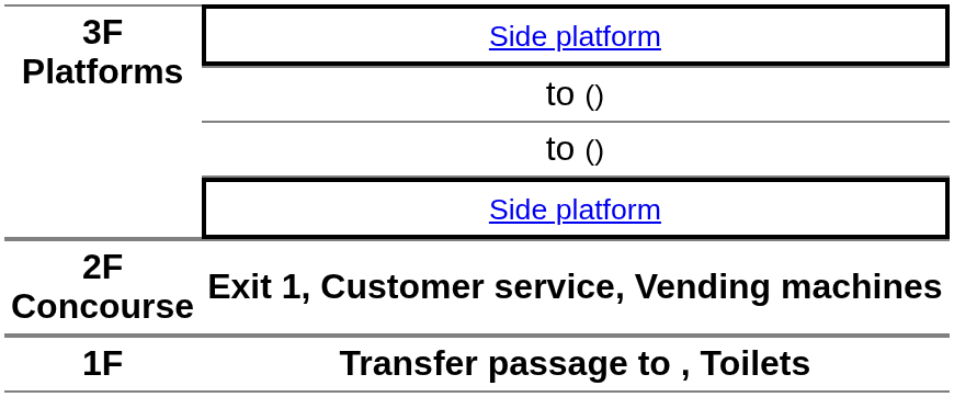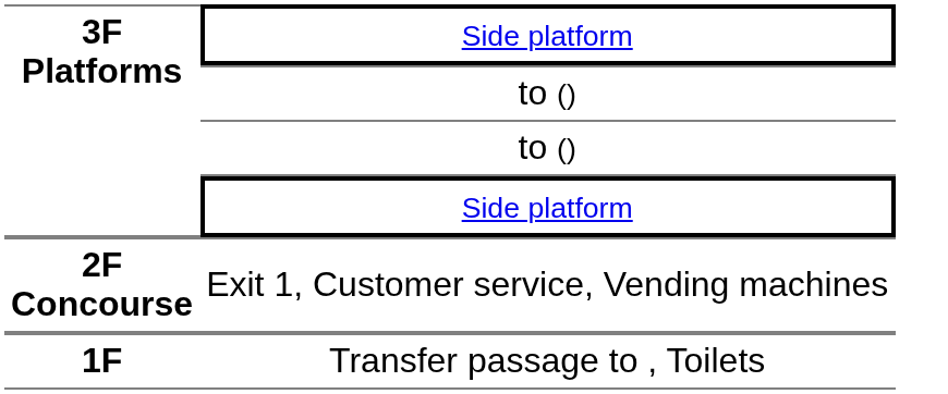 <table table border=0 cellspacing=0 cellpadding=3>
 <tr>
 <td style="border-bottom:solid 1px gray; border-top:solid 1px gray;text-align:center" rowspan="4" valign=top><strong>3F<br>Platforms</strong></td>
 <td style="border-right:solid 2px black;border-left:solid 2px black;border-top:solid 2px black;border-bottom:solid 2px black;text-align:center;" colspan=2><small><a href='#'>Side platform</a></small></td>
 </tr>
 <tr>
 <td style="border-bottom:solid 1px gray; border-top:solid 1px gray;text-align:center;">  to  <small>()</small></td>
 </tr>
 <tr>
 <td style="border-bottom:solid 1px gray;text-align:center;"> to  <small>() </small></td>
 </tr>
 <tr>
 <td style="border-right:solid 2px black;border-left:solid 2px black;border-top:solid 2px black;border-bottom:solid 2px black;text-align:center;" colspan=2><small><a href='#'>Side platform</a></small></td>
 </tr>
 <tr>
 <td style="border-bottom:solid 1px gray; border-top:solid 1px gray;text-align:center" valign=top><strong>2F<br>Concourse</strong></td>
-<td style="border-bottom:solid 1px gray; border-top:solid 1px gray;text-align:center"><strong>Exit 1, Customer service, Vending machines</strong></td>
+<td style="border-bottom:solid 1px gray; border-top:solid 1px gray;text-align:center">Exit 1, Customer service, Vending machines</td>
 </tr>
 <tr>
 <td style="border-bottom:solid 1px gray; border-top:solid 1px gray;text-align:center" valign=top><strong>1F</strong></td>
-<td style="border-bottom:solid 1px gray; border-top:solid 1px gray;text-align:center"><strong>Transfer passage to , Toilets</strong></td>
+<td style="border-bottom:solid 1px gray; border-top:solid 1px gray;text-align:center">Transfer passage to , Toilets</td>
 </tr>
 </table>
